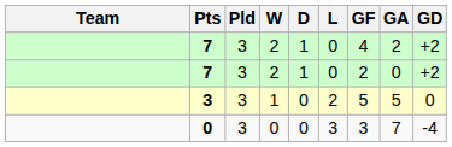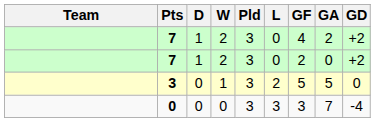 <table class="wikitable" style="text-align:center;">
 <tr>
 <th width=165>Team</th>
 <th width=20>Pts</th>
+<th width=20>D</th>
+<th width=20>W</th>
 <th width=20>Pld</th>
-<th width=20>W</th>
-<th width=20>D</th>
 <th width=20>L</th>
 <th width=20>GF</th>
 <th width=20>GA</th>
 <th width=20>GD</th>
 </tr>
 <tr style="text-align:center; background:#cfc;">
 <td style="text-align:left;"></td>
 <td><strong>7</strong></td>
+<td>1</td>
+<td>2</td>
 <td>3</td>
-<td>2</td>
-<td>1</td>
 <td>0</td>
 <td>4</td>
 <td>2</td>
 <td>+2</td>
 </tr>
 <tr style="text-align:center; background:#cfc;">
 <td style="text-align:left;"></td>
 <td><strong>7</strong></td>
+<td>1</td>
+<td>2</td>
 <td>3</td>
-<td>2</td>
-<td>1</td>
 <td>0</td>
 <td>2</td>
 <td>0</td>
 <td>+2</td>
 </tr>
 <tr style="text-align:center; background:#ffc;">
 <td style="text-align:left;"></td>
 <td><strong>3</strong></td>
+<td>0</td>
+<td>1</td>
 <td>3</td>
-<td>1</td>
-<td>0</td>
 <td>2</td>
 <td>5</td>
 <td>5</td>
 <td>0</td>
 </tr>
 <tr style="text-align:center; background">
 <td style="text-align:left;"></td>
 <td><strong>0</strong></td>
-<td>3</td>
 <td>0</td>
 <td>0</td>
+<td>3</td>
 <td>3</td>
 <td>3</td>
 <td>7</td>
 <td>-4</td>
 </tr>
 </table>
